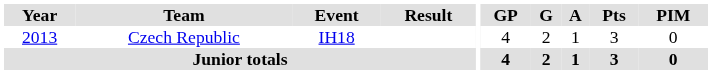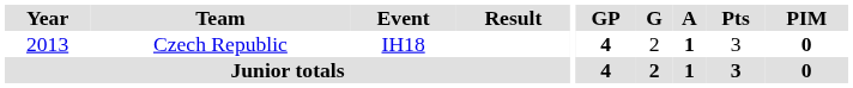 <table border="0" cellpadding="1" cellspacing="0" ID="Table3" style="text-align:center; width:40em">
 <tr bgcolor="#e0e0e0">
 <th>Year</th>
 <th>Team</th>
 <th>Event</th>
 <th>Result</th>
 <th rowspan="99" bgcolor="#ffffff"></th>
 <th>GP</th>
 <th>G</th>
 <th>A</th>
 <th>Pts</th>
 <th>PIM</th>
 </tr>
 <tr>
 <td><a href='#'>2013</a></td>
 <td><a href='#'>Czech Republic</a></td>
 <td><a href='#'>IH18</a></td>
 <td></td>
-<td>4</td>
+<td><strong>4</strong></td>
 <td>2</td>
-<td>1</td>
+<td><strong>1</strong></td>
 <td>3</td>
-<td>0</td>
+<td><strong>0</strong></td>
 </tr>
 <tr bgcolor="#e0e0e0">
 <th colspan="4">Junior totals</th>
 <th>4</th>
 <th>2</th>
 <th>1</th>
 <th>3</th>
 <th>0</th>
 </tr>
 </table>
